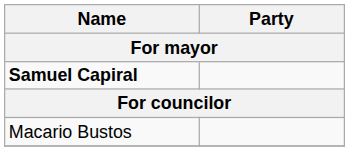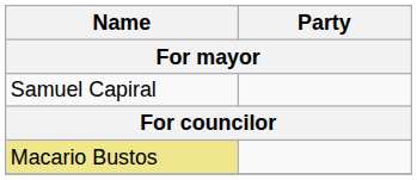 <table class=wikitable style="font-size:90%">
 <tr>
 <th width=150px>Name</th>
 <th colspan=2 width=110px>Party</th>
 </tr>
 <tr>
 <th colspan=3>For mayor</th>
 </tr>
 <tr>
-<td><strong>Samuel Capiral</strong></td>
+<td>Samuel Capiral</td>
 <td></td>
 </tr>
 <tr>
 <th colspan=3>For councilor</th>
 </tr>
 <tr>
-<td>Macario Bustos</td>
+<td style="background: khaki;">Macario Bustos</td>
 <td></td>
 </tr>
 <tr>
 </tr>
 </table>
